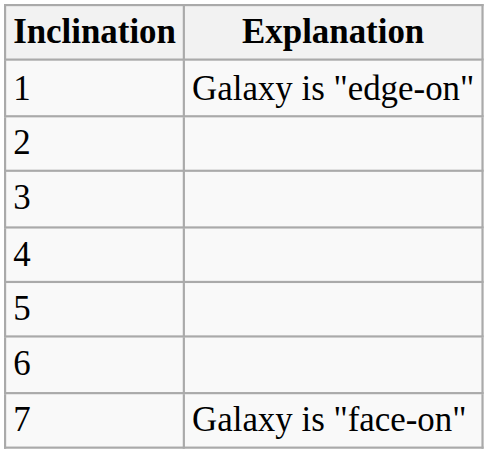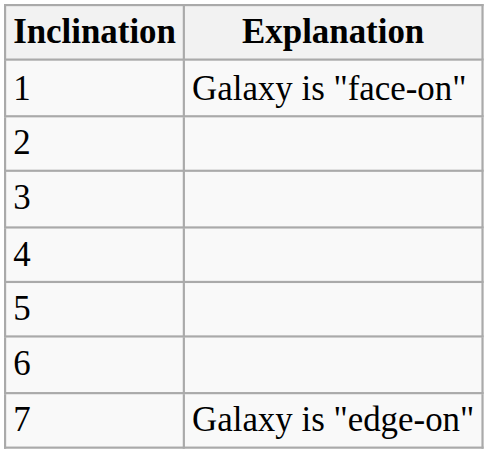 <table class="wikitable">
 <tr>
 <th>Inclination</th>
 <th>Explanation</th>
 </tr>
 <tr>
 <td>1</td>
-<td>Galaxy is "edge-on"</td>
+<td>Galaxy is "face-on"</td>
 </tr>
 <tr>
 <td>2</td>
 <td></td>
 </tr>
 <tr>
 <td>3</td>
 <td></td>
 </tr>
 <tr>
 <td>4</td>
 <td></td>
 </tr>
 <tr>
 <td>5</td>
 <td></td>
 </tr>
 <tr>
 <td>6</td>
 <td></td>
 </tr>
 <tr>
 <td>7</td>
-<td>Galaxy is "face-on"</td>
+<td>Galaxy is "edge-on"</td>
 </tr>
 </table>
